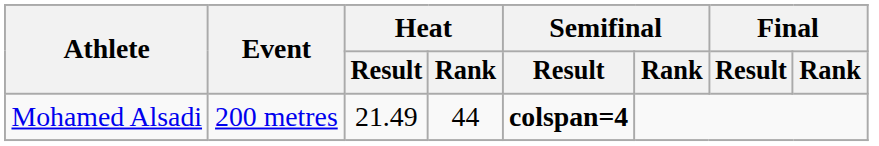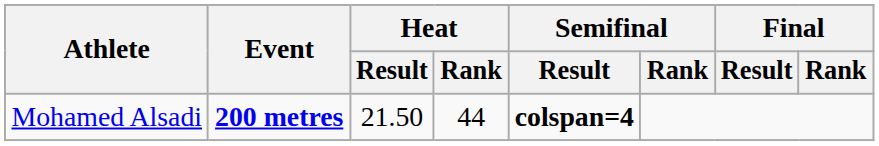 <table class="wikitable" style="font-size:90%">
 <tr>
 <th rowspan="2">Athlete</th>
 <th rowspan="2">Event</th>
 <th colspan="2">Heat</th>
 <th colspan="2">Semifinal</th>
 <th colspan="2">Final</th>
 </tr>
 <tr style="font-size:95%">
 <th>Result</th>
 <th>Rank</th>
 <th>Result</th>
 <th>Rank</th>
 <th>Result</th>
 <th>Rank</th>
 </tr>
 <tr style=text-align:center>
 <td style=text-align:left><a href='#'>Mohamed Alsadi</a></td>
-<td style=text-align:left><a href='#'>200 metres</a></td>
-<td>21.49</td>
+<td style=text-align:left><strong><a href='#'>200 metres</a></strong></td>
+<td>21.50</td>
 <td>44</td>
 <td><strong>colspan=4 </strong></td>
 </tr>
 </table>
